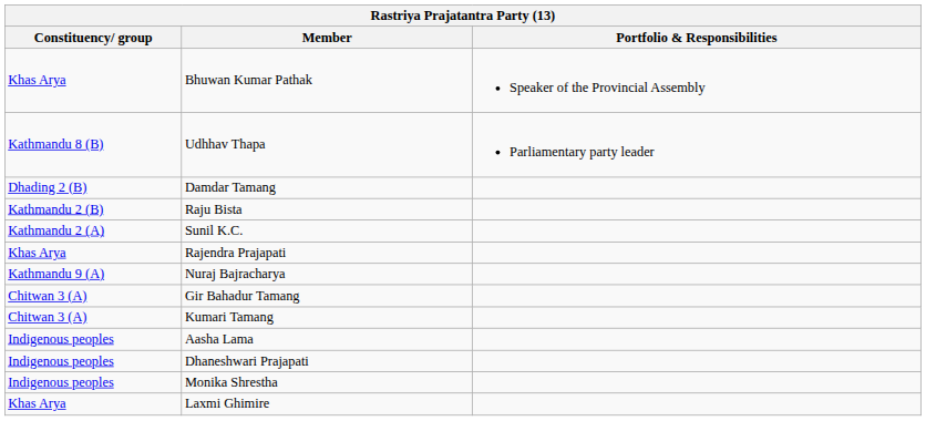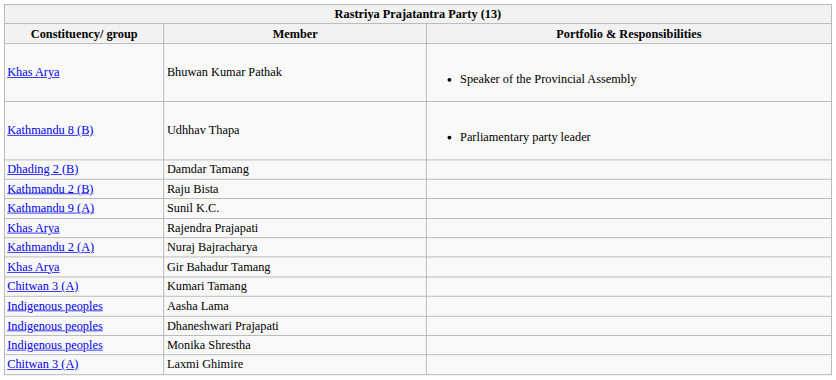 <table class="wikitable sortable mw-collapsible mw-collapsed">
 <tr>
 <th colspan="3" style="width: 800pt; background:">Rastriya Prajatantra Party (13)</th>
 </tr>
 <tr>
 <th style="width:150pt;">Constituency/ group</th>
 <th style="width:250pt;">Member</th>
 <th>Portfolio & Responsibilities</th>
 </tr>
 <tr>
 <td><a href='#'>Khas Arya</a></td>
 <td>Bhuwan Kumar Pathak</td>
 <td><br><ul><li>Speaker of the Provincial Assembly</li></ul></td>
 </tr>
 <tr>
 <td><a href='#'>Kathmandu 8 (B)</a></td>
 <td>Udhhav Thapa</td>
 <td><br><ul><li>Parliamentary party leader</li></ul></td>
 </tr>
 <tr>
 <td><a href='#'>Dhading 2 (B)</a></td>
 <td>Damdar Tamang</td>
 <td></td>
 </tr>
 <tr>
 <td><a href='#'>Kathmandu 2 (B)</a></td>
 <td>Raju Bista</td>
 <td></td>
 </tr>
 <tr>
-<td><a href='#'>Kathmandu 2 (A)</a></td>
+<td><a href='#'>Kathmandu 9 (A)</a></td>
 <td>Sunil K.C.</td>
 <td></td>
 </tr>
 <tr>
 <td><a href='#'>Khas Arya</a></td>
 <td>Rajendra Prajapati</td>
 <td></td>
 </tr>
 <tr>
-<td><a href='#'>Kathmandu 9 (A)</a></td>
+<td><a href='#'>Kathmandu 2 (A)</a></td>
 <td>Nuraj Bajracharya</td>
 <td></td>
 </tr>
 <tr>
-<td><a href='#'>Chitwan 3 (A)</a></td>
+<td><a href='#'>Khas Arya</a></td>
 <td>Gir Bahadur Tamang</td>
 <td></td>
 </tr>
 <tr>
 <td><a href='#'>Chitwan 3 (A)</a></td>
 <td>Kumari Tamang</td>
 <td></td>
 </tr>
 <tr>
 <td><a href='#'>Indigenous peoples</a></td>
 <td>Aasha Lama</td>
 <td></td>
 </tr>
 <tr>
 <td><a href='#'>Indigenous peoples</a></td>
 <td>Dhaneshwari Prajapati</td>
 <td></td>
 </tr>
 <tr>
 <td><a href='#'>Indigenous peoples</a></td>
 <td>Monika Shrestha</td>
 <td></td>
 </tr>
 <tr>
-<td><a href='#'>Khas Arya</a></td>
+<td><a href='#'>Chitwan 3 (A)</a></td>
 <td>Laxmi Ghimire</td>
 <td></td>
 </tr>
 </table>
